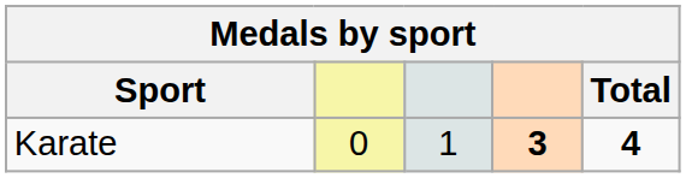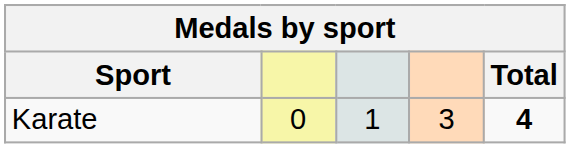 <table class="wikitable" style="font-size:90%; text-align:center;">
 <tr>
 <th colspan="5">Medals by sport</th>
 </tr>
 <tr>
 <th width="120">Sport</th>
 <th scope="col" width="30" style="background:#F7F6A8;"></th>
 <th scope="col" width="30" style="background:#DCE5E5;"></th>
 <th scope="col" width="30" style="background:#FFDAB9;"></th>
 <th width="30">Total</th>
 </tr>
 <tr>
 <td align="left">Karate</td>
 <td style="background:#F7F6A8;">0</td>
 <td style="background:#DCE5E5;">1</td>
-<td style="background:#FFDAB9;"><strong>3</strong></td>
+<td style="background:#FFDAB9;">3</td>
 <td><strong>4</strong></td>
 </tr>
 </table>
